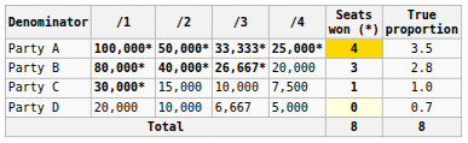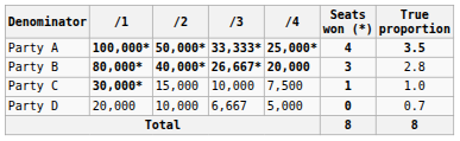 <table class="wikitable">
 <tr>
 <th>Denominator</th>
 <th>/1</th>
 <th>/2</th>
 <th>/3</th>
 <th>/4</th>
 <th>Seats <br>won (*)</th>
 <th>True <br>proportion</th>
 </tr>
 <tr>
 <td>Party A</td>
 <td><strong>100,000*</strong></td>
 <td><strong>50,000*</strong></td>
 <td><strong>33,333*</strong></td>
 <td><strong>25,000*</strong></td>
-<td align="center" style="background: gold;"><strong>4</strong></td>
-<td align="center">3.5</td>
+<td align="center"><strong>4</strong></td>
+<td align="center"><strong>3.5</strong></td>
 </tr>
 <tr>
 <td>Party B</td>
 <td><strong>80,000*</strong></td>
 <td><strong>40,000*</strong></td>
 <td><strong>26,667*</strong></td>
-<td>20,000</td>
+<td><strong>20,000</strong></td>
 <td align="center"><strong>3</strong></td>
 <td align="center">2.8</td>
 </tr>
 <tr>
 <td>Party C</td>
 <td><strong>30,000*</strong></td>
 <td>15,000</td>
 <td>10,000</td>
 <td>7,500</td>
 <td align="center"><strong>1</strong></td>
 <td align="center">1.0</td>
 </tr>
 <tr>
 <td>Party D</td>
 <td>20,000</td>
 <td>10,000</td>
 <td>6,667</td>
 <td>5,000</td>
-<td align="center" style="background: lightyellow;"><strong>0</strong></td>
+<td align="center"><strong>0</strong></td>
 <td align="center">0.7</td>
 </tr>
 <tr>
 <th colspan=5>Total</th>
 <th align="center">8</th>
 <th align="center">8</th>
 </tr>
 </table>
